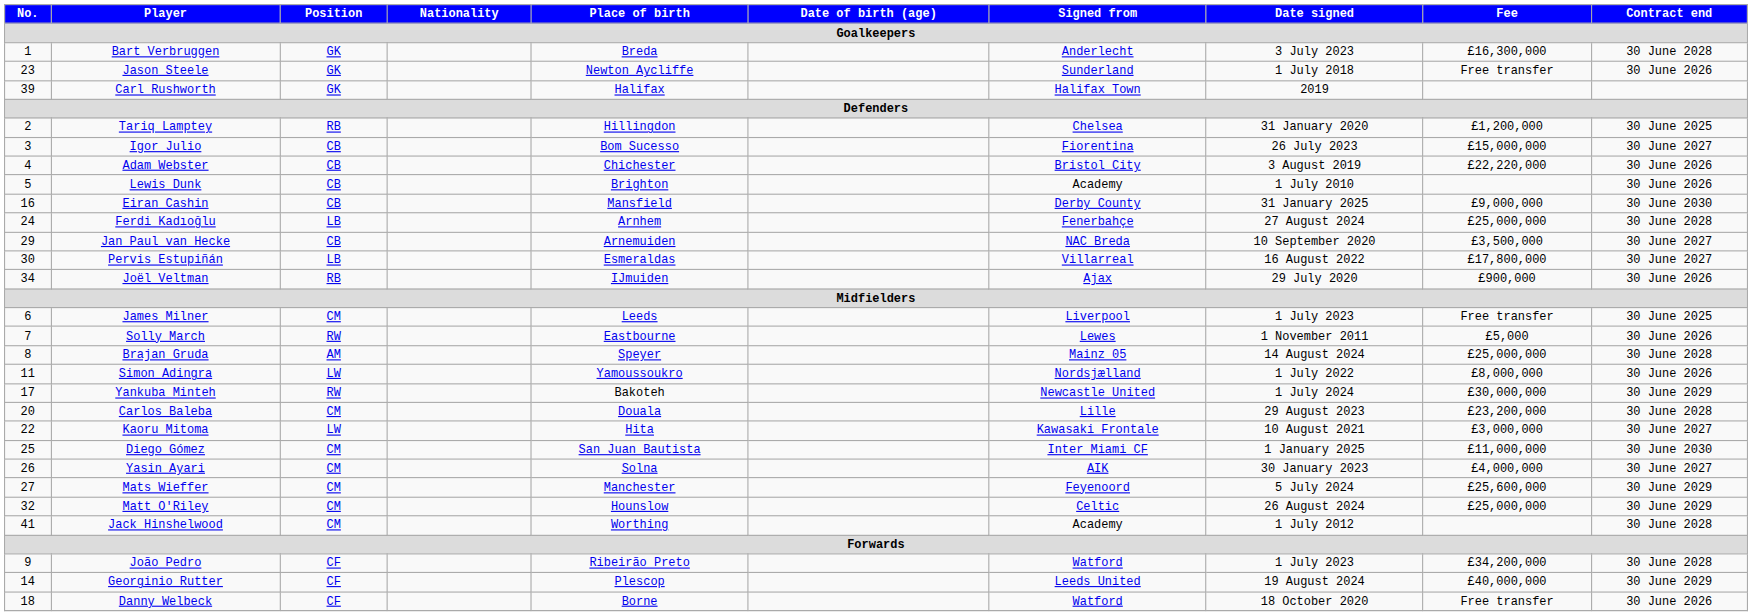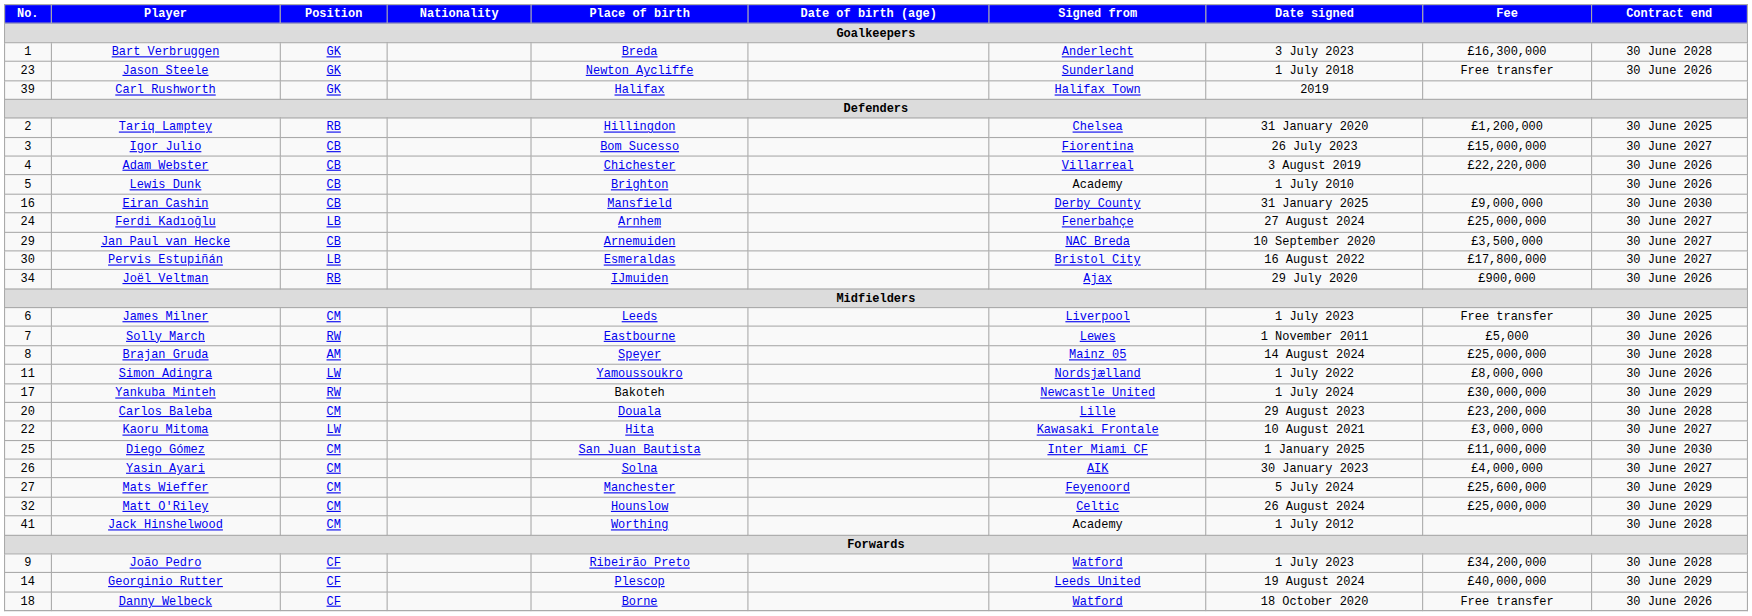 <table class="wikitable" style="text-align:center; font-size:84.5%; width:101%;">
 <tr>
 <th style="color:white; background:#00f; text-align:center;">No.</th>
 <th style="color:white; background:#00f; text-align:center;">Player</th>
 <th style="color:white; background:#00f; text-align:center;">Position</th>
 <th style="color:white; background:#00f; text-align:center;">Nationality</th>
 <th style="color:white; background:#00f; text-align:center;">Place of birth</th>
 <th style="color:white; background:#00f; text-align:center;">Date of birth (age)</th>
 <th style="color:white; background:#00f; text-align:center;">Signed from</th>
 <th style="color:white; background:#00f; text-align:center;">Date signed</th>
 <th style="color:white; background:#00f; text-align:center;">Fee</th>
 <th style="color:white; background:#00f; text-align:center;">Contract end</th>
 </tr>
 <tr>
 <th colspan="14" style="background:#dcdcdc; tepxt-align:center;">Goalkeepers</th>
 </tr>
 <tr>
 <td>1</td>
 <td><a href='#'>Bart Verbruggen</a></td>
 <td><a href='#'>GK</a></td>
 <td></td>
 <td><a href='#'>Breda</a></td>
 <td></td>
 <td> <a href='#'>Anderlecht</a></td>
 <td>3 July 2023</td>
 <td>£16,300,000</td>
 <td>30 June 2028</td>
 </tr>
 <tr>
 <td>23</td>
 <td><a href='#'>Jason Steele</a></td>
 <td><a href='#'>GK</a></td>
 <td></td>
 <td><a href='#'>Newton Aycliffe</a></td>
 <td></td>
 <td><a href='#'>Sunderland</a></td>
 <td>1 July 2018</td>
 <td>Free transfer</td>
 <td>30 June 2026</td>
 </tr>
 <tr>
 <td>39</td>
 <td><a href='#'>Carl Rushworth</a></td>
 <td><a href='#'>GK</a></td>
 <td></td>
 <td><a href='#'>Halifax</a></td>
 <td></td>
 <td><a href='#'>Halifax Town</a></td>
 <td>2019</td>
 <td></td>
 <td></td>
 </tr>
 <tr>
 <th colspan="14" style="background:#dcdcdc; tepxt-align:center;">Defenders</th>
 </tr>
 <tr>
 <td>2</td>
 <td><a href='#'>Tariq Lamptey</a></td>
 <td><a href='#'>RB</a></td>
 <td></td>
 <td><a href='#'>Hillingdon</a></td>
 <td></td>
 <td><a href='#'>Chelsea</a></td>
 <td>31 January 2020</td>
 <td>£1,200,000</td>
 <td>30 June 2025</td>
 </tr>
 <tr>
 <td>3</td>
 <td><a href='#'>Igor Julio</a></td>
 <td><a href='#'>CB</a></td>
 <td></td>
 <td><a href='#'>Bom Sucesso</a></td>
 <td></td>
 <td> <a href='#'>Fiorentina</a></td>
 <td>26 July 2023</td>
 <td>£15,000,000</td>
 <td>30 June 2027</td>
 </tr>
 <tr>
 <td>4</td>
 <td><a href='#'>Adam Webster</a></td>
 <td><a href='#'>CB</a></td>
 <td></td>
 <td><a href='#'>Chichester</a></td>
 <td></td>
-<td><a href='#'>Bristol City</a></td>
+<td> <a href='#'>Villarreal</a></td>
 <td>3 August 2019</td>
 <td>£22,220,000</td>
 <td>30 June 2026</td>
 </tr>
 <tr>
 <td>5</td>
 <td><a href='#'>Lewis Dunk</a></td>
 <td><a href='#'>CB</a></td>
 <td></td>
 <td><a href='#'>Brighton</a></td>
 <td></td>
 <td>Academy</td>
 <td>1 July 2010</td>
 <td></td>
 <td>30 June 2026</td>
 </tr>
 <tr>
 <td>16</td>
 <td><a href='#'>Eiran Cashin</a></td>
 <td><a href='#'>CB</a></td>
 <td></td>
 <td><a href='#'>Mansfield</a></td>
 <td></td>
 <td><a href='#'>Derby County</a></td>
 <td>31 January 2025</td>
 <td>£9,000,000</td>
 <td>30 June 2030</td>
 </tr>
 <tr>
 <td>24</td>
 <td><a href='#'>Ferdi Kadıoğlu</a></td>
 <td><a href='#'>LB</a></td>
 <td></td>
 <td><a href='#'>Arnhem</a></td>
 <td></td>
 <td> <a href='#'>Fenerbahçe</a></td>
 <td>27 August 2024</td>
 <td>£25,000,000</td>
-<td>30 June 2028</td>
+<td>30 June 2027</td>
 </tr>
 <tr>
 <td>29</td>
 <td><a href='#'>Jan Paul van Hecke</a></td>
 <td><a href='#'>CB</a></td>
 <td></td>
 <td><a href='#'>Arnemuiden</a></td>
 <td></td>
 <td> <a href='#'>NAC Breda</a></td>
 <td>10 September 2020</td>
 <td>£3,500,000</td>
 <td>30 June 2027</td>
 </tr>
 <tr>
 <td>30</td>
 <td><a href='#'>Pervis Estupiñán</a></td>
 <td><a href='#'>LB</a></td>
 <td></td>
 <td><a href='#'>Esmeraldas</a></td>
 <td></td>
-<td> <a href='#'>Villarreal</a></td>
+<td><a href='#'>Bristol City</a></td>
 <td>16 August 2022</td>
 <td>£17,800,000</td>
 <td>30 June 2027</td>
 </tr>
 <tr>
 <td>34</td>
 <td><a href='#'>Joël Veltman</a></td>
 <td><a href='#'>RB</a></td>
 <td></td>
 <td><a href='#'>IJmuiden</a></td>
 <td></td>
 <td> <a href='#'>Ajax</a></td>
 <td>29 July 2020</td>
 <td>£900,000</td>
 <td>30 June 2026</td>
 </tr>
 <tr>
 <th colspan="14" style="background:#dcdcdc; tepxt-align:center;">Midfielders</th>
 </tr>
 <tr>
 <td>6</td>
 <td><a href='#'>James Milner</a></td>
 <td><a href='#'>CM</a></td>
 <td></td>
 <td><a href='#'>Leeds</a></td>
 <td></td>
 <td><a href='#'>Liverpool</a></td>
 <td>1 July 2023</td>
 <td>Free transfer</td>
 <td>30 June 2025</td>
 </tr>
 <tr>
 <td>7</td>
 <td><a href='#'>Solly March</a></td>
 <td><a href='#'>RW</a></td>
 <td></td>
 <td><a href='#'>Eastbourne</a></td>
 <td></td>
 <td><a href='#'>Lewes</a></td>
 <td>1 November 2011</td>
 <td>£5,000</td>
 <td>30 June 2026</td>
 </tr>
 <tr>
 <td>8</td>
 <td><a href='#'>Brajan Gruda</a></td>
 <td><a href='#'>AM</a></td>
 <td></td>
 <td><a href='#'>Speyer</a></td>
 <td></td>
 <td> <a href='#'>Mainz 05</a></td>
 <td>14 August 2024</td>
 <td>£25,000,000</td>
 <td>30 June 2028</td>
 </tr>
 <tr>
 <td>11</td>
 <td><a href='#'>Simon Adingra</a></td>
 <td><a href='#'>LW</a></td>
 <td></td>
 <td><a href='#'>Yamoussoukro</a></td>
 <td></td>
 <td> <a href='#'>Nordsjælland</a></td>
 <td>1 July 2022</td>
 <td>£8,000,000</td>
 <td>30 June 2026</td>
 </tr>
 <tr>
 <td>17</td>
 <td><a href='#'>Yankuba Minteh</a></td>
 <td><a href='#'>RW</a></td>
 <td></td>
 <td>Bakoteh</td>
 <td></td>
 <td><a href='#'>Newcastle United</a></td>
 <td>1 July 2024</td>
 <td>£30,000,000</td>
 <td>30 June 2029</td>
 </tr>
 <tr>
 <td>20</td>
 <td><a href='#'>Carlos Baleba</a></td>
 <td><a href='#'>CM</a></td>
 <td></td>
 <td><a href='#'>Douala</a></td>
 <td></td>
 <td> <a href='#'>Lille</a></td>
 <td>29 August 2023</td>
 <td>£23,200,000</td>
 <td>30 June 2028</td>
 </tr>
 <tr>
 <td>22</td>
 <td><a href='#'>Kaoru Mitoma</a></td>
 <td><a href='#'>LW</a></td>
 <td></td>
 <td><a href='#'>Hita</a></td>
 <td></td>
 <td> <a href='#'>Kawasaki Frontale</a></td>
 <td>10 August 2021</td>
 <td>£3,000,000</td>
 <td>30 June 2027</td>
 </tr>
 <tr>
 <td>25</td>
 <td><a href='#'>Diego Gómez</a></td>
 <td><a href='#'>CM</a></td>
 <td></td>
 <td><a href='#'>San Juan Bautista</a></td>
 <td></td>
 <td> <a href='#'>Inter Miami CF</a></td>
 <td>1 January 2025</td>
 <td>£11,000,000</td>
 <td>30 June 2030</td>
 </tr>
 <tr>
 <td>26</td>
 <td><a href='#'>Yasin Ayari</a></td>
 <td><a href='#'>CM</a></td>
 <td></td>
 <td><a href='#'>Solna</a></td>
 <td></td>
 <td> <a href='#'>AIK</a></td>
 <td>30 January 2023</td>
 <td>£4,000,000</td>
 <td>30 June 2027</td>
 </tr>
 <tr>
 <td>27</td>
 <td><a href='#'>Mats Wieffer</a></td>
 <td><a href='#'>CM</a></td>
 <td></td>
 <td><a href='#'>Manchester</a></td>
 <td></td>
 <td> <a href='#'>Feyenoord</a></td>
 <td>5 July 2024</td>
 <td>£25,600,000</td>
 <td>30 June 2029</td>
 </tr>
 <tr>
 <td>32</td>
 <td><a href='#'>Matt O'Riley</a></td>
 <td><a href='#'>CM</a></td>
 <td></td>
 <td><a href='#'>Hounslow</a></td>
 <td></td>
 <td> <a href='#'>Celtic</a></td>
 <td>26 August 2024</td>
 <td>£25,000,000</td>
 <td>30 June 2029</td>
 </tr>
 <tr>
 <td>41</td>
 <td><a href='#'>Jack Hinshelwood</a></td>
 <td><a href='#'>CM</a></td>
 <td></td>
 <td><a href='#'>Worthing</a></td>
 <td></td>
 <td>Academy</td>
 <td>1 July 2012</td>
 <td></td>
 <td>30 June 2028</td>
 </tr>
 <tr>
 <th colspan="14" style="background:#dcdcdc; tepxt-align:center;">Forwards</th>
 </tr>
 <tr>
 <td>9</td>
 <td><a href='#'>João Pedro</a></td>
 <td><a href='#'>CF</a></td>
 <td></td>
 <td><a href='#'>Ribeirão Preto</a></td>
 <td></td>
 <td><a href='#'>Watford</a></td>
 <td>1 July 2023</td>
 <td>£34,200,000</td>
 <td>30 June 2028</td>
 </tr>
 <tr>
 <td>14</td>
 <td><a href='#'>Georginio Rutter</a></td>
 <td><a href='#'>CF</a></td>
 <td></td>
 <td><a href='#'>Plescop</a></td>
 <td></td>
 <td><a href='#'>Leeds United</a></td>
 <td>19 August 2024</td>
 <td>£40,000,000</td>
 <td>30 June 2029</td>
 </tr>
 <tr>
 <td>18</td>
 <td><a href='#'>Danny Welbeck</a></td>
 <td><a href='#'>CF</a></td>
 <td></td>
 <td><a href='#'>Borne</a></td>
 <td></td>
 <td><a href='#'>Watford</a></td>
 <td>18 October 2020</td>
 <td>Free transfer</td>
 <td>30 June 2026<br></td>
 </tr>
 <tr>
 </tr>
 </table>
